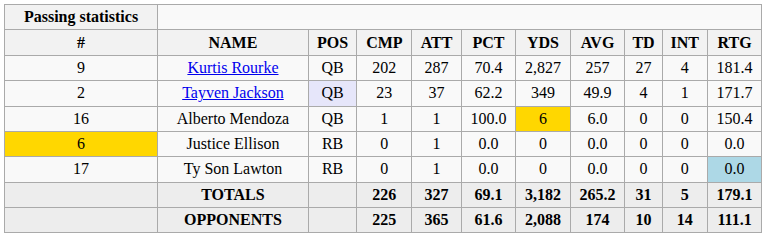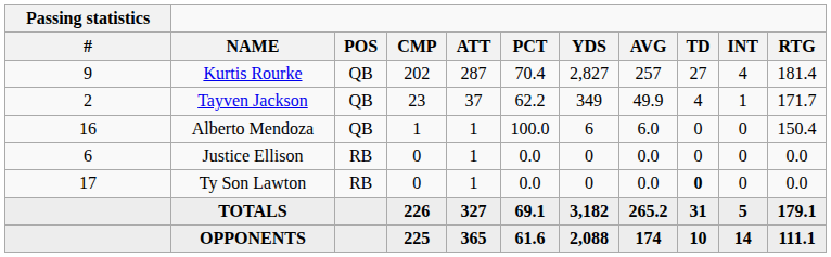 <table style="width:60%; text-align:center;" class="wikitable collapsible collapsed">
 <tr>
 <th style="text-align:center; ">Passing statistics</th>
 </tr>
 <tr>
 <th>#</th>
 <th>NAME</th>
 <th>POS</th>
 <th>CMP</th>
 <th>ATT</th>
 <th>PCT</th>
 <th>YDS</th>
 <th>AVG</th>
 <th>TD</th>
 <th>INT</th>
 <th>RTG</th>
 </tr>
 <tr>
 <td>9</td>
 <td><a href='#'>Kurtis Rourke</a></td>
 <td>QB</td>
 <td>202</td>
 <td>287</td>
 <td>70.4</td>
 <td>2,827</td>
 <td>257</td>
 <td>27</td>
 <td>4</td>
 <td>181.4</td>
 </tr>
 <tr>
 <td>2</td>
 <td><a href='#'>Tayven Jackson</a></td>
-<td style="background: lavender;">QB</td>
+<td>QB</td>
 <td>23</td>
 <td>37</td>
 <td>62.2</td>
 <td>349</td>
 <td>49.9</td>
 <td>4</td>
 <td>1</td>
 <td>171.7</td>
 </tr>
 <tr>
 <td>16</td>
 <td>Alberto Mendoza</td>
 <td>QB</td>
 <td>1</td>
 <td>1</td>
 <td>100.0</td>
-<td style="background: gold;">6</td>
+<td>6</td>
 <td>6.0</td>
 <td>0</td>
 <td>0</td>
 <td>150.4</td>
 </tr>
 <tr>
-<td style="background: gold;">6</td>
+<td>6</td>
 <td>Justice Ellison</td>
 <td>RB</td>
 <td>0</td>
 <td>1</td>
 <td>0.0</td>
 <td>0</td>
 <td>0.0</td>
 <td>0</td>
 <td>0</td>
 <td>0.0</td>
 </tr>
 <tr>
 <td>17</td>
 <td>Ty Son Lawton</td>
 <td>RB</td>
 <td>0</td>
 <td>1</td>
 <td>0.0</td>
 <td>0</td>
 <td>0.0</td>
+<td><strong>0</strong></td>
 <td>0</td>
-<td>0</td>
-<td style="background: lightblue;">0.0</td>
+<td>0.0</td>
 </tr>
 <tr style="background-color:#ededed;">
 <td></td>
 <td><strong>TOTALS</strong></td>
 <td></td>
 <td><strong>226</strong></td>
 <td><strong>327</strong></td>
 <td><strong>69.1</strong></td>
 <td><strong>3,182</strong></td>
 <td><strong>265.2</strong></td>
 <td><strong>31</strong></td>
 <td><strong>5</strong></td>
 <td><strong>179.1</strong></td>
 </tr>
 <tr style="background-color:#ededed;">
 <td></td>
 <td><strong>OPPONENTS</strong></td>
 <td></td>
 <td><strong>225</strong></td>
 <td><strong>365</strong></td>
 <td><strong>61.6</strong></td>
 <td><strong>2,088</strong></td>
 <td><strong>174</strong></td>
 <td><strong>10</strong></td>
 <td><strong>14</strong></td>
 <td><strong>111.1</strong></td>
 </tr>
 </table>
